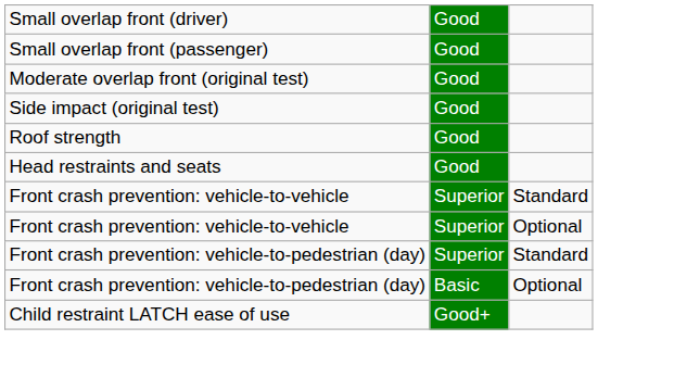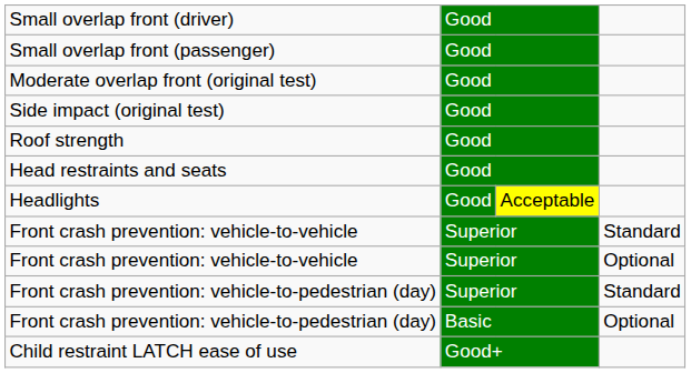 <table class="wikitable">
 <tr>
 <td>Small overlap front (driver)</td>
 <td colspan="2" style="color:white;background: green">Good</td>
 <td></td>
 </tr>
 <tr>
 <td>Small overlap front (passenger)</td>
 <td colspan="2" style="color:white;background: green">Good</td>
 <td></td>
 </tr>
 <tr>
 <td>Moderate overlap front (original test)</td>
 <td colspan="2" style="color:white;background: green">Good</td>
 <td></td>
 </tr>
 <tr>
 <td>Side impact (original test)</td>
 <td colspan="2" style="color:white;background: green">Good</td>
 <td></td>
 </tr>
 <tr>
 <td>Roof strength</td>
 <td colspan="2" style="color:white;background: green">Good</td>
 <td></td>
 </tr>
 <tr>
 <td>Head restraints and seats</td>
 <td colspan="2" style="color:white;background: green">Good</td>
 <td></td>
 </tr>
 <tr>
+<td>Headlights</td>
+<td style="color:white;background:green">Good</td>
+<td style="color:black;background:yellow">Acceptable</td>
+<td></td>
+</tr>
+<tr>
 <td>Front crash prevention: vehicle-to-vehicle</td>
 <td colspan="2" style="color:white;background: green">Superior</td>
 <td>Standard</td>
 </tr>
 <tr>
 <td>Front crash prevention: vehicle-to-vehicle</td>
 <td colspan="2" style="color:white;background: green">Superior</td>
 <td>Optional</td>
 </tr>
 <tr>
 <td>Front crash prevention: vehicle-to-pedestrian (day)</td>
 <td colspan="2" style="color:white;background: green">Superior</td>
 <td>Standard</td>
 </tr>
 <tr>
 <td>Front crash prevention: vehicle-to-pedestrian (day)</td>
 <td colspan="2" style="color:white;background: green">Basic</td>
 <td>Optional</td>
 </tr>
 <tr>
 <td>Child restraint LATCH ease of use</td>
 <td colspan="2" style="color:white;background: green">Good+</td>
 <td></td>
 </tr>
 </table>
